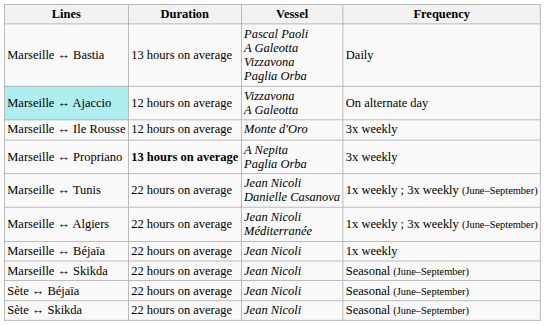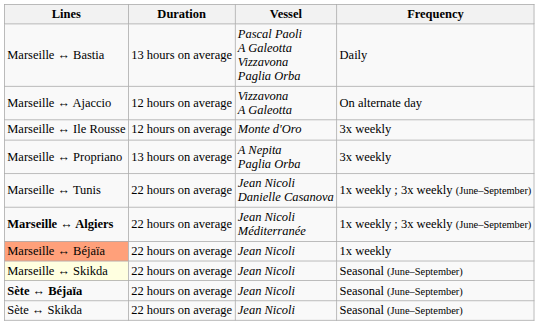 <table class="wikitable">
 <tr>
 <th>Lines</th>
 <th>Duration</th>
 <th>Vessel</th>
 <th>Frequency</th>
 </tr>
 <tr>
 <td>Marseille ↔ Bastia</td>
 <td>13 hours on average</td>
 <td><em>Pascal Paoli</em><br><em>A Galeotta</em><br><em>Vizzavona</em><br><em>Paglia Orba</em></td>
 <td>Daily</td>
 </tr>
 <tr>
-<td style="background: paleturquoise;">Marseille ↔ Ajaccio</td>
+<td>Marseille ↔ Ajaccio</td>
 <td>12 hours on average</td>
 <td><em>Vizzavona</em><br><em>A Galeotta</em></td>
 <td>On alternate day</td>
 </tr>
 <tr>
 <td>Marseille ↔ Ile Rousse</td>
 <td>12 hours on average</td>
 <td><em>Monte d'Oro</em></td>
 <td>3x weekly</td>
 </tr>
 <tr>
 <td>Marseille ↔ Propriano</td>
-<td><strong>13 hours on average</strong></td>
+<td>13 hours on average</td>
 <td><em>A Nepita</em><br><em>Paglia Orba</em></td>
 <td>3x weekly</td>
 </tr>
 <tr>
 <td>Marseille ↔ Tunis</td>
 <td>22 hours on average</td>
 <td><em>Jean Nicoli</em><br><em>Danielle Casanova</em></td>
 <td>1x weekly ; 3x weekly <small>(June–September)</small></td>
 </tr>
 <tr>
-<td>Marseille ↔ Algiers</td>
+<td><strong>Marseille ↔ Algiers</strong></td>
 <td>22 hours on average</td>
 <td><em>Jean Nicoli</em><br><em>Méditerranée</em></td>
 <td>1x weekly ; 3x weekly <small>(June–September)</small></td>
 </tr>
 <tr>
-<td>Marseille ↔ Béjaïa</td>
+<td style="background: lightsalmon;">Marseille ↔ Béjaïa</td>
 <td>22 hours on average</td>
 <td><em>Jean Nicoli</em></td>
 <td>1x weekly</td>
 </tr>
 <tr>
-<td>Marseille ↔ Skikda</td>
+<td style="background: lightyellow;">Marseille ↔ Skikda</td>
 <td>22 hours on average</td>
 <td><em>Jean Nicoli</em></td>
 <td>Seasonal <small>(June–September)</small></td>
 </tr>
 <tr>
-<td>Sète ↔ Béjaïa</td>
+<td><strong>Sète ↔ Béjaïa</strong></td>
 <td>22 hours on average</td>
 <td><em>Jean Nicoli</em></td>
 <td>Seasonal <small>(June–September)</small></td>
 </tr>
 <tr>
 <td>Sète ↔ Skikda</td>
 <td>22 hours on average</td>
 <td><em>Jean Nicoli</em></td>
 <td>Seasonal <small>(June–September)</small></td>
 </tr>
 </table>
